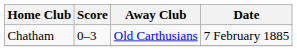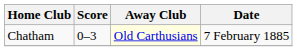 <table class="wikitable">
 <tr>
 <th>Home Club</th>
 <th>Score</th>
 <th>Away Club</th>
 <th>Date</th>
 </tr>
 <tr>
 <td>Chatham</td>
 <td>0–3</td>
-<td><a href='#'>Old Carthusians</a></td>
+<td style="background: lightyellow;"><a href='#'>Old Carthusians</a></td>
 <td>7 February 1885</td>
 </tr>
 <tr>
 </tr>
 </table>
